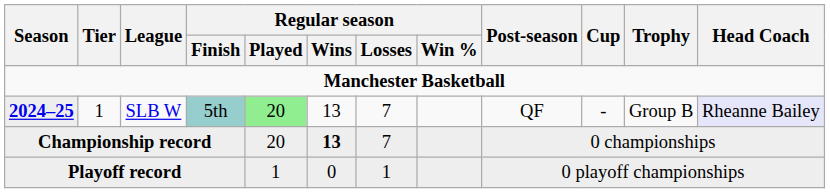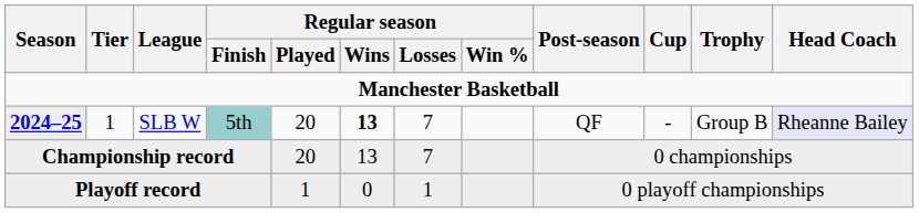 <table class="wikitable" style="font-size:95%; text-align:center">
 <tr>
 <th rowspan=2>Season</th>
 <th rowspan=2>Tier</th>
 <th rowspan=2>League</th>
 <th colspan=5>Regular season</th>
 <th rowspan=2>Post-season</th>
 <th rowspan=2>Cup</th>
 <th rowspan=2>Trophy</th>
 <th rowspan=2>Head Coach</th>
 </tr>
 <tr>
 <th>Finish</th>
 <th>Played</th>
 <th>Wins</th>
 <th>Losses</th>
 <th>Win %</th>
 </tr>
 <tr>
 <td colspan="12" align="center"><strong>Manchester Basketball</strong></td>
 </tr>
 <tr>
 <th style="background:#eee;"><a href='#'>2024–25</a></th>
 <td style="text-align:center;">1</td>
 <td style="text-align:center;"><a href='#'>SLB W</a></td>
 <td style="text-align:center;background-color:#96CDCD;">5th</td>
-<td style="background: lightgreen; text-align:center;">20</td>
-<td style="text-align:center;">13</td>
+<td style="text-align:center;">20</td>
+<td style="text-align:center;"><strong>13</strong></td>
 <td style="text-align:center;">7</td>
 <td style="text-align:center;"></td>
 <td style="text-align:center;background-color:#;">QF</td>
 <td style="text-align:center;">-</td>
 <td style="text-align:center;">Group B</td>
 <td style="background: lavender; text-align:center;">Rheanne Bailey</td>
 </tr>
 <tr>
 <th colspan=4 style="background:#eee;">Championship record</th>
 <td style="background:#eee;">20</td>
-<td style="background:#eee;"><strong>13</strong></td>
+<td style="background:#eee;">13</td>
 <td style="background:#eee;">7</td>
 <td style="background:#eee;"></td>
 <td colspan="4" style="background:#eee;">0 championships</td>
 </tr>
 <tr>
 <th colspan=4 style="background:#eee;">Playoff record</th>
 <td style="background:#eee;">1</td>
 <td style="background:#eee;">0</td>
 <td style="background:#eee;">1</td>
 <td style="background:#eee;"></td>
 <td colspan="4" style="background:#eee;">0 playoff championships</td>
 </tr>
 </table>
